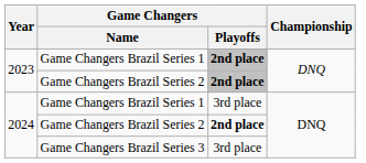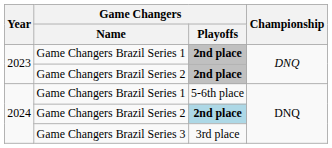 <table class="wikitable" style="text-align:center; font-size:smaller">
 <tr>
 <th rowspan="2">Year</th>
 <th colspan="2">Game Changers</th>
 <th rowspan="2">Championship</th>
 </tr>
 <tr>
 <th>Name</th>
 <th>Playoffs</th>
 </tr>
 <tr>
 <td rowspan="2">2023</td>
 <td>Game Changers Brazil Series 1</td>
 <td bgcolor="silver"><strong>2nd place</strong></td>
 <td rowspan="2"><em>DNQ</em></td>
 </tr>
 <tr>
 <td>Game Changers Brazil Series 2</td>
 <td bgcolor="silver"><strong>2nd place</strong></td>
 </tr>
 <tr>
 <td rowspan="3">2024</td>
 <td>Game Changers Brazil Series 1</td>
-<td>3rd place</td>
+<td>5-6th place</td>
 <td rowspan="3">DNQ</td>
 </tr>
 <tr>
 <td>Game Changers Brazil Series 2</td>
-<td><strong>2nd place</strong></td>
+<td style="background: lightblue;"><strong>2nd place</strong></td>
 </tr>
 <tr>
 <td>Game Changers Brazil Series 3</td>
 <td>3rd place</td>
 </tr>
 </table>
